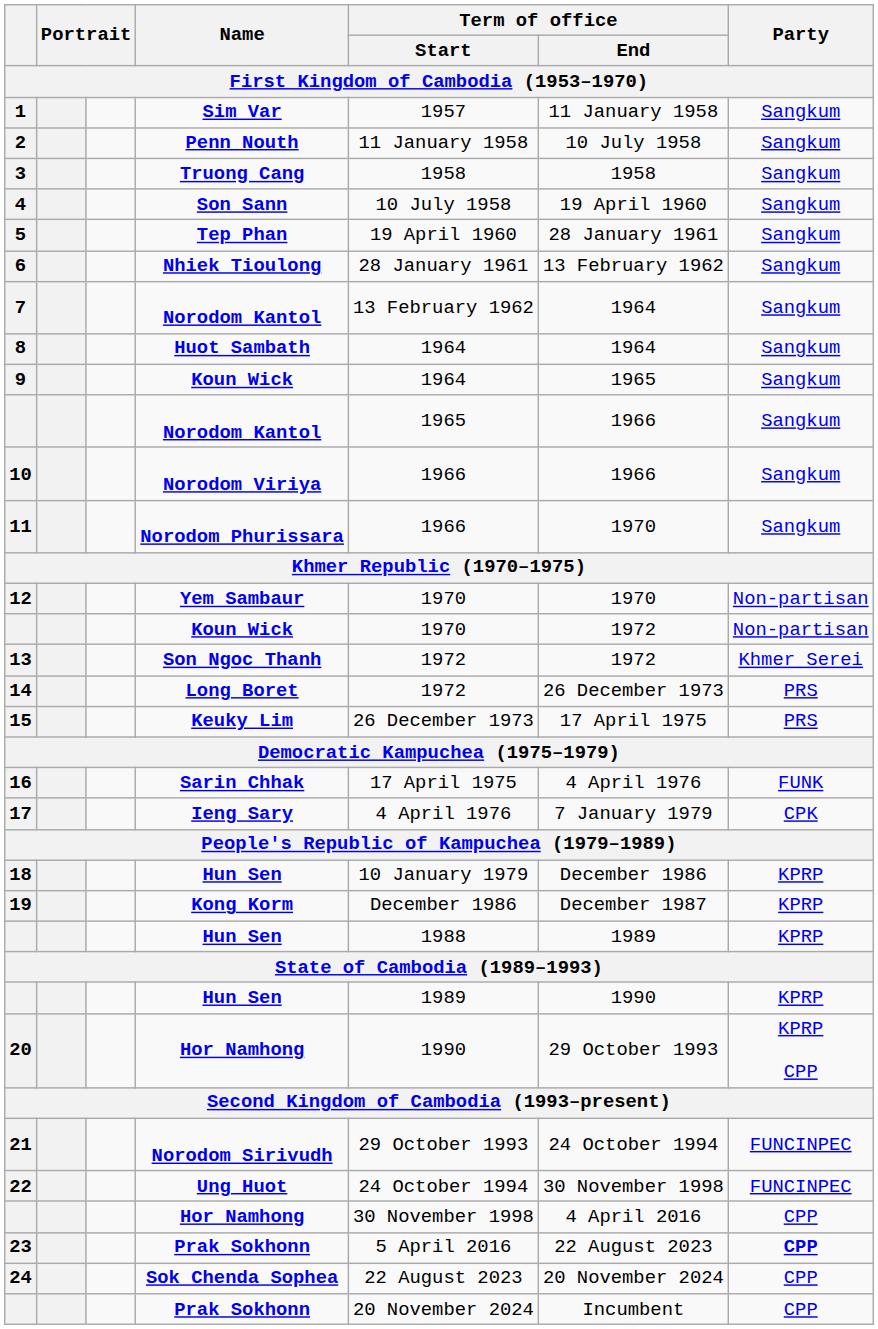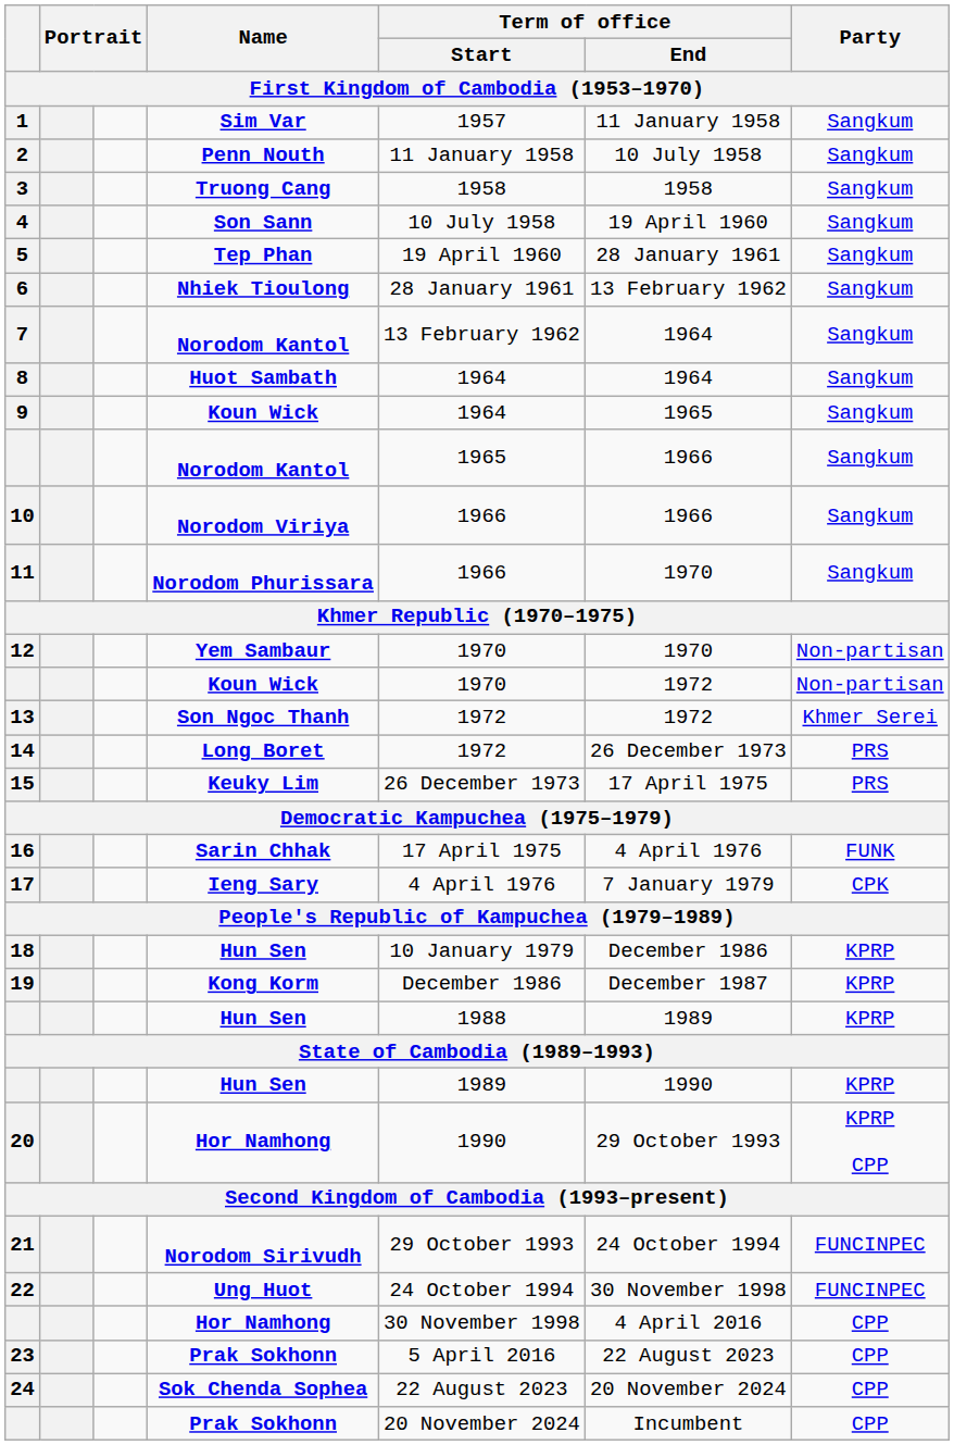 <table class="wikitable" style="text-align:center;">
 <tr>
 <th rowspan="2"></th>
 <th rowspan="2" colspan="2">Portrait</th>
 <th rowspan="2">Name<br></th>
 <th colspan="2">Term of office</th>
 <th rowspan="2">Party</th>
 </tr>
 <tr>
 <th>Start</th>
 <th>End</th>
 </tr>
 <tr>
 <th colspan="7"> <a href='#'>First Kingdom of Cambodia</a> (1953–1970)</th>
 </tr>
 <tr>
 <th>1</th>
 <th style="background:"></th>
 <td></td>
 <td><strong><a href='#'>Sim Var</a></strong><br></td>
 <td>1957</td>
 <td>11 January 1958</td>
 <td><a href='#'>Sangkum</a></td>
 </tr>
 <tr>
 <th>2</th>
 <th style="background:"></th>
 <td></td>
 <td><strong><a href='#'>Penn Nouth</a></strong><br></td>
 <td>11 January 1958</td>
 <td>10 July 1958</td>
 <td><a href='#'>Sangkum</a></td>
 </tr>
 <tr>
 <th>3</th>
 <th style="background:"></th>
 <td></td>
 <td><strong><a href='#'>Truong Cang</a></strong><br></td>
 <td>1958</td>
 <td>1958</td>
 <td><a href='#'>Sangkum</a></td>
 </tr>
 <tr>
 <th>4</th>
 <th style="background:"></th>
 <td></td>
 <td><strong><a href='#'>Son Sann</a></strong><br></td>
 <td>10 July 1958</td>
 <td>19 April 1960</td>
 <td><a href='#'>Sangkum</a></td>
 </tr>
 <tr>
 <th>5</th>
 <th style="background:"></th>
 <td></td>
 <td><strong><a href='#'>Tep Phan</a></strong><br></td>
 <td>19 April 1960</td>
 <td>28 January 1961</td>
 <td><a href='#'>Sangkum</a></td>
 </tr>
 <tr>
 <th>6</th>
 <th style="background:"></th>
 <td></td>
 <td><strong><a href='#'>Nhiek Tioulong</a></strong><br></td>
 <td>28 January 1961</td>
 <td>13 February 1962</td>
 <td><a href='#'>Sangkum</a></td>
 </tr>
 <tr>
 <th>7</th>
 <th style="background:"></th>
 <td></td>
 <td><br><strong><a href='#'>Norodom Kantol</a></strong><br></td>
 <td>13 February 1962</td>
 <td>1964</td>
 <td><a href='#'>Sangkum</a></td>
 </tr>
 <tr>
 <th>8</th>
 <th style="background:"></th>
 <td></td>
 <td><strong><a href='#'>Huot Sambath</a></strong><br></td>
 <td>1964</td>
 <td>1964</td>
 <td><a href='#'>Sangkum</a></td>
 </tr>
 <tr>
 <th>9</th>
 <th style="background:"></th>
 <td></td>
 <td><strong><a href='#'>Koun Wick</a></strong><br></td>
 <td>1964</td>
 <td>1965</td>
 <td><a href='#'>Sangkum</a></td>
 </tr>
 <tr>
 <th></th>
 <th style="background:"></th>
 <td></td>
 <td><br><strong><a href='#'>Norodom Kantol</a></strong><br></td>
 <td>1965</td>
 <td>1966</td>
 <td><a href='#'>Sangkum</a></td>
 </tr>
 <tr>
 <th>10</th>
 <th style="background:"></th>
 <td></td>
 <td><br><strong><a href='#'>Norodom Viriya</a></strong><br></td>
 <td>1966</td>
 <td>1966</td>
 <td><a href='#'>Sangkum</a></td>
 </tr>
 <tr>
 <th>11</th>
 <th style="background:"></th>
 <td></td>
 <td><br><strong><a href='#'>Norodom Phurissara</a></strong><br></td>
 <td>1966</td>
 <td>1970</td>
 <td><a href='#'>Sangkum</a></td>
 </tr>
 <tr>
 <th colspan="7"> <a href='#'>Khmer Republic</a> (1970–1975)</th>
 </tr>
 <tr>
 <th>12</th>
 <th style="background:"></th>
 <td></td>
 <td><strong><a href='#'>Yem Sambaur</a></strong><br></td>
 <td>1970</td>
 <td>1970</td>
 <td><a href='#'>Non-partisan</a></td>
 </tr>
 <tr>
 <th></th>
 <th style="background:"></th>
 <td></td>
 <td><strong><a href='#'>Koun Wick</a></strong><br></td>
 <td>1970</td>
 <td>1972</td>
 <td><a href='#'>Non-partisan</a></td>
 </tr>
 <tr>
 <th>13</th>
 <th style="background:"></th>
 <td></td>
 <td><strong><a href='#'>Son Ngoc Thanh</a></strong><br></td>
 <td>1972</td>
 <td>1972</td>
 <td><a href='#'>Khmer Serei</a></td>
 </tr>
 <tr>
 <th>14</th>
 <th style="background:"></th>
 <td></td>
 <td><strong><a href='#'>Long Boret</a></strong><br></td>
 <td>1972</td>
 <td>26 December 1973</td>
 <td><a href='#'>PRS</a></td>
 </tr>
 <tr>
 <th>15</th>
 <th style="background:"></th>
 <td></td>
 <td><strong><a href='#'>Keuky Lim</a></strong><br></td>
 <td>26 December 1973</td>
 <td>17 April 1975</td>
 <td><a href='#'>PRS</a></td>
 </tr>
 <tr>
 <th colspan="7"> <a href='#'>Democratic Kampuchea</a> (1975–1979)</th>
 </tr>
 <tr>
 <th>16</th>
 <th style="background:"></th>
 <td></td>
 <td><strong><a href='#'>Sarin Chhak</a></strong><br></td>
 <td>17 April 1975</td>
 <td>4 April 1976</td>
 <td><a href='#'>FUNK</a></td>
 </tr>
 <tr>
 <th>17</th>
 <th style="background:"></th>
 <td></td>
 <td><strong><a href='#'>Ieng Sary</a></strong><br></td>
 <td>4 April 1976</td>
 <td>7 January 1979</td>
 <td><a href='#'>CPK</a></td>
 </tr>
 <tr>
 <th colspan="7"> <a href='#'>People's Republic of Kampuchea</a> (1979–1989)</th>
 </tr>
 <tr>
 <th>18</th>
 <th style="background:"></th>
 <td></td>
 <td><strong><a href='#'>Hun Sen</a></strong><br></td>
 <td>10 January 1979</td>
 <td>December 1986</td>
 <td><a href='#'>KPRP</a></td>
 </tr>
 <tr>
 <th>19</th>
 <th style="background:"></th>
 <td></td>
 <td><strong><a href='#'>Kong Korm</a></strong><br></td>
 <td>December 1986</td>
 <td>December 1987</td>
 <td><a href='#'>KPRP</a></td>
 </tr>
 <tr>
 <th></th>
 <th style="background:"></th>
 <td></td>
 <td><strong><a href='#'>Hun Sen</a></strong><br></td>
 <td>1988</td>
 <td>1989</td>
 <td><a href='#'>KPRP</a></td>
 </tr>
 <tr>
 <th colspan="7"> <a href='#'>State of Cambodia</a> (1989–1993)</th>
 </tr>
 <tr>
 <th></th>
 <th style="background:"></th>
 <td></td>
 <td><strong><a href='#'>Hun Sen</a></strong><br></td>
 <td>1989</td>
 <td>1990</td>
 <td><a href='#'>KPRP</a></td>
 </tr>
 <tr>
 <th>20</th>
 <th style="background:"></th>
 <td></td>
 <td><strong><a href='#'>Hor Namhong</a></strong><br></td>
 <td>1990</td>
 <td>29 October 1993</td>
 <td><a href='#'>KPRP</a><br><br><a href='#'>CPP</a><br></td>
 </tr>
 <tr>
 <th colspan="7"> <a href='#'>Second Kingdom of Cambodia</a> (1993–present)</th>
 </tr>
 <tr>
 <th>21</th>
 <th style="background:"></th>
 <td></td>
 <td><br><strong><a href='#'>Norodom Sirivudh</a></strong><br></td>
 <td>29 October 1993</td>
 <td>24 October 1994</td>
 <td><a href='#'>FUNCINPEC</a></td>
 </tr>
 <tr>
 <th>22</th>
 <th style="background:"></th>
 <td></td>
 <td><strong><a href='#'>Ung Huot</a></strong><br></td>
 <td>24 October 1994</td>
 <td>30 November 1998</td>
 <td><a href='#'>FUNCINPEC</a></td>
 </tr>
 <tr>
 <th></th>
 <th style="background:"></th>
 <td></td>
 <td><strong><a href='#'>Hor Namhong</a></strong><br></td>
 <td>30 November 1998</td>
 <td>4 April 2016</td>
 <td><a href='#'>CPP</a></td>
 </tr>
 <tr>
 <th>23</th>
 <th style="background:"></th>
 <td></td>
 <td><strong><a href='#'>Prak Sokhonn</a></strong><br></td>
 <td>5 April 2016</td>
 <td>22 August 2023</td>
-<td><strong><a href='#'>CPP</a></strong></td>
+<td><a href='#'>CPP</a></td>
 </tr>
 <tr>
 <th>24</th>
 <th style="background:"></th>
 <td></td>
 <td><strong><a href='#'>Sok Chenda Sophea</a></strong><br></td>
 <td>22 August 2023</td>
 <td>20 November 2024</td>
 <td><a href='#'>CPP</a></td>
 </tr>
 <tr>
 <th></th>
 <th style="background:"></th>
 <td></td>
 <td><strong><a href='#'>Prak Sokhonn</a></strong><br></td>
 <td>20 November 2024</td>
 <td>Incumbent</td>
 <td><a href='#'>CPP</a></td>
 </tr>
 </table>
